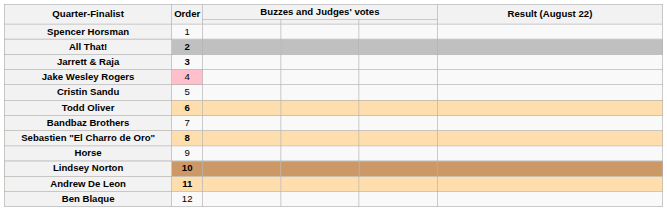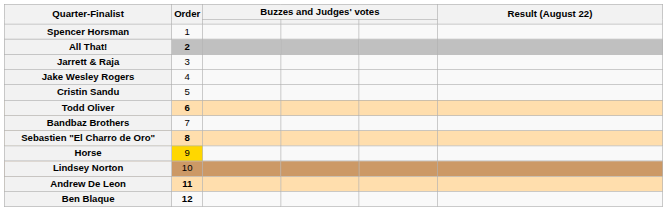 <table class="wikitable plainrowheaders sortable" style="text-align:center;">
 <tr>
 <th scope="col" rowspan="2" class="unsortable" style="width:17em;">Quarter-Finalist</th>
 <th scope="col" rowspan="2" style="width:1em;">Order</th>
 <th scope="col" colspan="3" class="unsortable" style="width:24em;">Buzzes and Judges' votes</th>
 <th scope="col" rowspan="2" style="width:23em;">Result (August 22)</th>
 </tr>
 <tr>
 <th scope="col" class="unsortable" style="width:6em;"></th>
 <th scope="col" class="unsortable" style="width:6em;"></th>
 <th scope="col" class="unsortable" style="width:6em;"></th>
 </tr>
 <tr>
 <th scope="row">Spencer Horsman</th>
 <td>1</td>
 <td style="text-align:center;"></td>
 <td style="text-align:center;"></td>
 <td style="text-align:center;"></td>
 <td></td>
 </tr>
 <tr style="background:silver;">
 <th scope="row"><strong>All That!</strong></th>
 <td><strong>2</strong></td>
 <td style="text-align:center;"></td>
 <td style="text-align:center;"></td>
 <td style="text-align:center;"></td>
 <td><strong></strong></td>
 </tr>
 <tr>
 <th scope="row">Jarrett & Raja</th>
-<td><strong>3</strong></td>
+<td>3</td>
 <td style="text-align:center;"></td>
 <td style="text-align:center;"></td>
 <td style="text-align:center;"></td>
 <td></td>
 </tr>
 <tr>
 <th scope="row">Jake Wesley Rogers</th>
-<td style="background: pink;">4</td>
+<td>4</td>
 <td style="text-align:center;"></td>
 <td style="text-align:center;"></td>
 <td style="text-align:center;"></td>
 <td></td>
 </tr>
 <tr>
 <th scope="row">Cristin Sandu</th>
 <td>5</td>
 <td style="text-align:center;"></td>
 <td style="text-align:center;"></td>
 <td style="text-align:center;"></td>
 <td></td>
 </tr>
 <tr style="background:NavajoWhite;">
 <th scope="row"><strong>Todd Oliver</strong></th>
 <td><strong>6</strong></td>
 <td style="text-align:center;"></td>
 <td style="text-align:center;"></td>
 <td style="text-align:center;"></td>
 <td><strong></strong></td>
 </tr>
 <tr>
 <th scope="row">Bandbaz Brothers</th>
 <td>7</td>
 <td style="text-align:center;"></td>
 <td style="text-align:center;"></td>
 <td style="text-align:center;"></td>
 <td></td>
 </tr>
 <tr style="background:NavajoWhite;">
 <th scope="row"><strong>Sebastien "El Charro de Oro"</strong></th>
 <td><strong>8</strong></td>
 <td style="text-align:center;"></td>
 <td style="text-align:center;"></td>
 <td style="text-align:center;"></td>
 <td><strong></strong></td>
 </tr>
 <tr>
 <th scope="row">Horse</th>
-<td>9</td>
+<td style="background: gold;">9</td>
 <td style="text-align:center;"></td>
 <td style="text-align:center;"></td>
 <td style="text-align:center;"></td>
 <td></td>
 </tr>
 <tr style="background:#c96;">
 <th scope="row">Lindsey Norton</th>
-<td><strong>10</strong></td>
+<td>10</td>
 <td style="text-align:center;"></td>
 <td style="text-align:center;"></td>
 <td style="text-align:center;"></td>
 <td></td>
 </tr>
 <tr style="background:NavajoWhite;">
 <th scope="row"><strong>Andrew De Leon</strong></th>
 <td><strong>11</strong></td>
 <td style="text-align:center;"></td>
 <td style="text-align:center;"></td>
 <td style="text-align:center;"></td>
 <td><strong></strong></td>
 </tr>
 <tr>
 <th scope="row">Ben Blaque</th>
-<td>12</td>
+<td><strong>12</strong></td>
 <td style="text-align:center;"></td>
 <td style="text-align:center;"></td>
 <td style="text-align:center;"></td>
 <td></td>
 </tr>
 </table>
